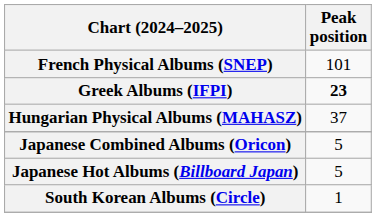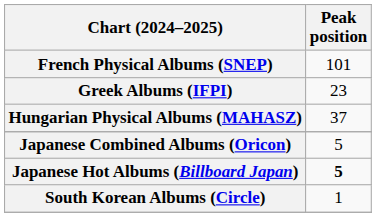 <table class="wikitable sortable plainrowheaders" style="text-align:center">
 <tr>
 <th scope="col">Chart (2024–2025)</th>
 <th scope="col">Peak<br>position</th>
 </tr>
 <tr>
 <th scope="row">French Physical Albums (<a href='#'>SNEP</a>)</th>
 <td>101</td>
 </tr>
 <tr>
 <th scope="row">Greek Albums (<a href='#'>IFPI</a>)</th>
-<td><strong>23</strong></td>
+<td>23</td>
 </tr>
 <tr>
 <th scope="row">Hungarian Physical Albums (<a href='#'>MAHASZ</a>)</th>
 <td>37</td>
 </tr>
 <tr>
 </tr>
 <tr>
 <th scope="row">Japanese Combined Albums (<a href='#'>Oricon</a>)</th>
 <td>5</td>
 </tr>
 <tr>
 <th scope="row">Japanese Hot Albums (<em><a href='#'>Billboard Japan</a></em>)</th>
-<td>5</td>
+<td><strong>5</strong></td>
 </tr>
 <tr>
 <th scope="row">South Korean Albums (<a href='#'>Circle</a>)</th>
 <td>1</td>
 </tr>
 <tr>
 </tr>
 <tr>
 </tr>
 </table>
